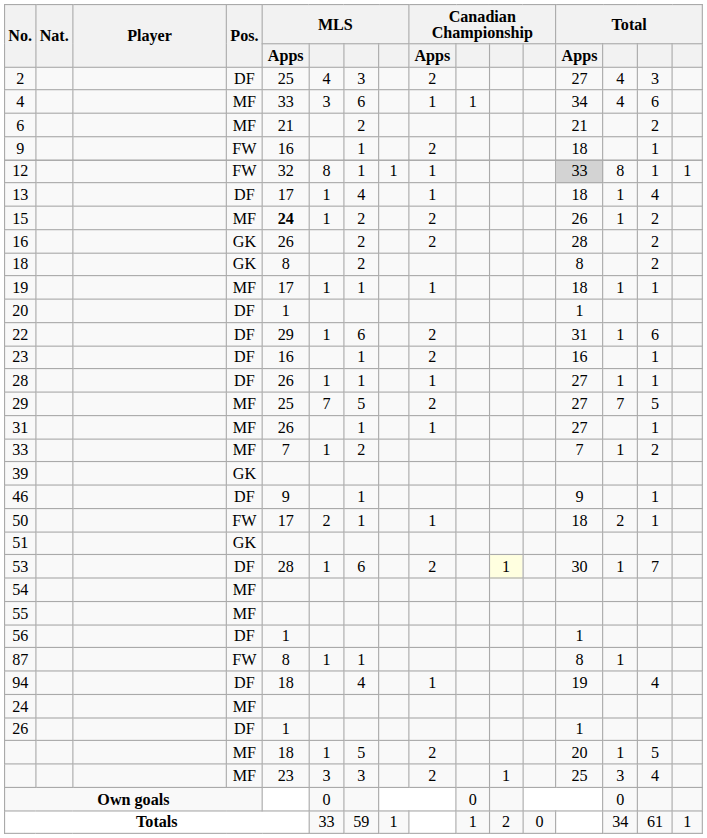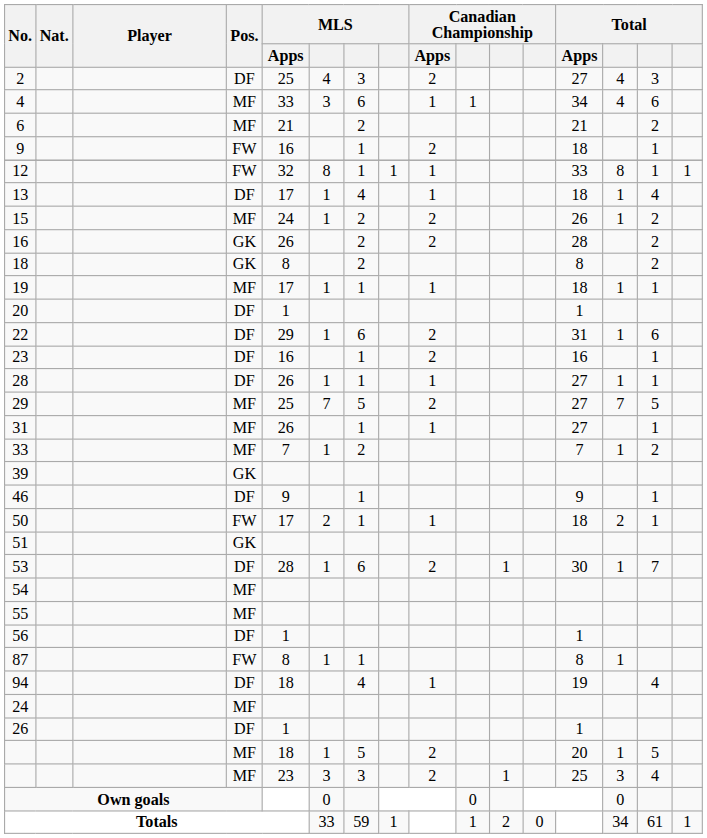 <table class="wikitable sortable alternance"  style="font-size:90%; text-align:center; line-height:14px; width:100%;">
 <tr>
 <th rowspan="2" style="width:10px;">No.</th>
 <th rowspan="2" style="width:10px;">Nat.</th>
 <th rowspan="2" scope="col" style="width:275px;">Player</th>
 <th rowspan="2" style="width:10px;">Pos.</th>
 <th colspan="4">MLS</th>
 <th colspan="4">Canadian Championship</th>
 <th colspan="4">Total</th>
 </tr>
 <tr style="text-align:center;">
 <th width=40>Apps</th>
 <th width=40></th>
 <th width=40></th>
 <th width=40></th>
 <th width=40>Apps</th>
 <th width=40></th>
 <th width=40></th>
 <th width=40></th>
 <th width=40>Apps</th>
 <th width=40></th>
 <th width=40></th>
 <th width=40></th>
 </tr>
 <tr>
 <td>2</td>
 <td></td>
 <td></td>
 <td>DF</td>
 <td>25</td>
 <td>4</td>
 <td>3</td>
 <td></td>
 <td>2</td>
 <td></td>
 <td></td>
 <td></td>
 <td>27</td>
 <td>4</td>
 <td>3</td>
 <td></td>
 </tr>
 <tr>
 <td>4</td>
 <td></td>
 <td></td>
 <td>MF</td>
 <td>33</td>
 <td>3</td>
 <td>6</td>
 <td></td>
 <td>1</td>
 <td>1</td>
 <td></td>
 <td></td>
 <td>34</td>
 <td>4</td>
 <td>6</td>
 <td></td>
 </tr>
 <tr>
 <td>6</td>
 <td></td>
 <td></td>
 <td>MF</td>
 <td>21</td>
 <td></td>
 <td>2</td>
 <td></td>
 <td></td>
 <td></td>
 <td></td>
 <td></td>
 <td>21</td>
 <td></td>
 <td>2</td>
 <td></td>
 </tr>
 <tr>
 <td>9</td>
 <td></td>
 <td></td>
 <td>FW</td>
 <td>16</td>
 <td></td>
 <td>1</td>
 <td></td>
 <td>2</td>
 <td></td>
 <td></td>
 <td></td>
 <td>18</td>
 <td></td>
 <td>1</td>
 <td></td>
 </tr>
 <tr>
 </tr>
 <tr>
 <td>12</td>
 <td></td>
 <td></td>
 <td>FW</td>
 <td>32</td>
 <td>8</td>
 <td>1</td>
 <td>1</td>
 <td>1</td>
 <td></td>
 <td></td>
 <td></td>
-<td style="background: lightgrey;">33</td>
+<td>33</td>
 <td>8</td>
 <td>1</td>
 <td>1</td>
 </tr>
 <tr>
 <td>13</td>
 <td></td>
 <td></td>
 <td>DF</td>
 <td>17</td>
 <td>1</td>
 <td>4</td>
 <td></td>
 <td>1</td>
 <td></td>
 <td></td>
 <td></td>
 <td>18</td>
 <td>1</td>
 <td>4</td>
 <td></td>
 </tr>
 <tr>
 <td>15</td>
 <td></td>
 <td></td>
 <td>MF</td>
-<td><strong>24</strong></td>
+<td>24</td>
 <td>1</td>
 <td>2</td>
 <td></td>
 <td>2</td>
 <td></td>
 <td></td>
 <td></td>
 <td>26</td>
 <td>1</td>
 <td>2</td>
 <td></td>
 </tr>
 <tr>
 <td>16</td>
 <td></td>
 <td></td>
 <td>GK</td>
 <td>26</td>
 <td></td>
 <td>2</td>
 <td></td>
 <td>2</td>
 <td></td>
 <td></td>
 <td></td>
 <td>28</td>
 <td></td>
 <td>2</td>
 <td></td>
 </tr>
 <tr>
 <td>18</td>
 <td></td>
 <td></td>
 <td>GK</td>
 <td>8</td>
 <td></td>
 <td>2</td>
 <td></td>
 <td></td>
 <td></td>
 <td></td>
 <td></td>
 <td>8</td>
 <td></td>
 <td>2</td>
 <td></td>
 </tr>
 <tr>
 <td>19</td>
 <td></td>
 <td></td>
 <td>MF</td>
 <td>17</td>
 <td>1</td>
 <td>1</td>
 <td></td>
 <td>1</td>
 <td></td>
 <td></td>
 <td></td>
 <td>18</td>
 <td>1</td>
 <td>1</td>
 <td></td>
 </tr>
 <tr>
 <td>20</td>
 <td></td>
 <td></td>
 <td>DF</td>
 <td>1</td>
 <td></td>
 <td></td>
 <td></td>
 <td></td>
 <td></td>
 <td></td>
 <td></td>
 <td>1</td>
 <td></td>
 <td></td>
 <td></td>
 </tr>
 <tr>
 <td>22</td>
 <td></td>
 <td></td>
 <td>DF</td>
 <td>29</td>
 <td>1</td>
 <td>6</td>
 <td></td>
 <td>2</td>
 <td></td>
 <td></td>
 <td></td>
 <td>31</td>
 <td>1</td>
 <td>6</td>
 <td></td>
 </tr>
 <tr>
 <td>23</td>
 <td></td>
 <td></td>
 <td>DF</td>
 <td>16</td>
 <td></td>
 <td>1</td>
 <td></td>
 <td>2</td>
 <td></td>
 <td></td>
 <td></td>
 <td>16</td>
 <td></td>
 <td>1</td>
 <td></td>
 </tr>
 <tr>
 <td>28</td>
 <td></td>
 <td></td>
 <td>DF</td>
 <td>26</td>
 <td>1</td>
 <td>1</td>
 <td></td>
 <td>1</td>
 <td></td>
 <td></td>
 <td></td>
 <td>27</td>
 <td>1</td>
 <td>1</td>
 <td></td>
 </tr>
 <tr>
 <td>29</td>
 <td></td>
 <td></td>
 <td>MF</td>
 <td>25</td>
 <td>7</td>
 <td>5</td>
 <td></td>
 <td>2</td>
 <td></td>
 <td></td>
 <td></td>
 <td>27</td>
 <td>7</td>
 <td>5</td>
 <td></td>
 </tr>
 <tr>
 <td>31</td>
 <td></td>
 <td></td>
 <td>MF</td>
 <td>26</td>
 <td></td>
 <td>1</td>
 <td></td>
 <td>1</td>
 <td></td>
 <td></td>
 <td></td>
 <td>27</td>
 <td></td>
 <td>1</td>
 <td></td>
 </tr>
 <tr>
 <td>33</td>
 <td></td>
 <td></td>
 <td>MF</td>
 <td>7</td>
 <td>1</td>
 <td>2</td>
 <td></td>
 <td></td>
 <td></td>
 <td></td>
 <td></td>
 <td>7</td>
 <td>1</td>
 <td>2</td>
 <td></td>
 </tr>
 <tr>
 <td>39</td>
 <td></td>
 <td></td>
 <td>GK</td>
 <td></td>
 <td></td>
 <td></td>
 <td></td>
 <td></td>
 <td></td>
 <td></td>
 <td></td>
 <td></td>
 <td></td>
 <td></td>
 <td></td>
 </tr>
 <tr>
 <td>46</td>
 <td></td>
 <td></td>
 <td>DF</td>
 <td>9</td>
 <td></td>
 <td>1</td>
 <td></td>
 <td></td>
 <td></td>
 <td></td>
 <td></td>
 <td>9</td>
 <td></td>
 <td>1</td>
 <td></td>
 </tr>
 <tr>
 <td>50</td>
 <td></td>
 <td></td>
 <td>FW</td>
 <td>17</td>
 <td>2</td>
 <td>1</td>
 <td></td>
 <td>1</td>
 <td></td>
 <td></td>
 <td></td>
 <td>18</td>
 <td>2</td>
 <td>1</td>
 <td></td>
 </tr>
 <tr>
 <td>51</td>
 <td></td>
 <td></td>
 <td>GK</td>
 <td></td>
 <td></td>
 <td></td>
 <td></td>
 <td></td>
 <td></td>
 <td></td>
 <td></td>
 <td></td>
 <td></td>
 <td></td>
 <td></td>
 </tr>
 <tr>
 <td>53</td>
 <td></td>
 <td></td>
 <td>DF</td>
 <td>28</td>
 <td>1</td>
 <td>6</td>
 <td></td>
 <td>2</td>
 <td></td>
-<td style="background: lightyellow;">1</td>
+<td>1</td>
 <td></td>
 <td>30</td>
 <td>1</td>
 <td>7</td>
 <td></td>
 </tr>
 <tr>
 <td>54</td>
 <td></td>
 <td></td>
 <td>MF</td>
 <td></td>
 <td></td>
 <td></td>
 <td></td>
 <td></td>
 <td></td>
 <td></td>
 <td></td>
 <td></td>
 <td></td>
 <td></td>
 <td></td>
 </tr>
 <tr>
 <td>55</td>
 <td></td>
 <td></td>
 <td>MF</td>
 <td></td>
 <td></td>
 <td></td>
 <td></td>
 <td></td>
 <td></td>
 <td></td>
 <td></td>
 <td></td>
 <td></td>
 <td></td>
 <td></td>
 </tr>
 <tr>
 <td>56</td>
 <td></td>
 <td></td>
 <td>DF</td>
 <td>1</td>
 <td></td>
 <td></td>
 <td></td>
 <td></td>
 <td></td>
 <td></td>
 <td></td>
 <td>1</td>
 <td></td>
 <td></td>
 <td></td>
 </tr>
 <tr>
 <td>87</td>
 <td></td>
 <td></td>
 <td>FW</td>
 <td>8</td>
 <td>1</td>
 <td>1</td>
 <td></td>
 <td></td>
 <td></td>
 <td></td>
 <td></td>
 <td>8</td>
 <td>1</td>
 <td></td>
 <td></td>
 </tr>
 <tr>
 <td>94</td>
 <td></td>
 <td></td>
 <td>DF</td>
 <td>18</td>
 <td></td>
 <td>4</td>
 <td></td>
 <td>1</td>
 <td></td>
 <td></td>
 <td></td>
 <td>19</td>
 <td></td>
 <td>4</td>
 <td></td>
 </tr>
 <tr>
 <td>24</td>
 <td></td>
 <td></td>
 <td>MF</td>
 <td></td>
 <td></td>
 <td></td>
 <td></td>
 <td></td>
 <td></td>
 <td></td>
 <td></td>
 <td></td>
 <td></td>
 <td></td>
 <td></td>
 </tr>
 <tr>
 <td>26</td>
 <td></td>
 <td></td>
 <td>DF</td>
 <td>1</td>
 <td></td>
 <td></td>
 <td></td>
 <td></td>
 <td></td>
 <td></td>
 <td></td>
 <td>1</td>
 <td></td>
 <td></td>
 <td></td>
 </tr>
 <tr>
 <td></td>
 <td></td>
 <td></td>
 <td>MF</td>
 <td>18</td>
 <td>1</td>
 <td>5</td>
 <td></td>
 <td>2</td>
 <td></td>
 <td></td>
 <td></td>
 <td>20</td>
 <td>1</td>
 <td>5</td>
 <td></td>
 </tr>
 <tr>
 <td></td>
 <td></td>
 <td></td>
 <td>MF</td>
 <td>23</td>
 <td>3</td>
 <td>3</td>
 <td></td>
 <td>2</td>
 <td></td>
 <td>1</td>
 <td></td>
 <td>25</td>
 <td>3</td>
 <td>4</td>
 <td></td>
 </tr>
 <tr class="sortbottom">
 <td colspan="4"><strong>Own goals</strong></td>
 <td ! style="background:white; text-align: center;"></td>
 <td>0</td>
 <td></td>
 <td ! colspan="2" style="background:white; text-align: center;"></td>
 <td>0</td>
 <td></td>
 <td ! colspan="2" style="background:white; text-align: center;"></td>
 <td>0</td>
 <td></td>
 </tr>
 <tr class="sortbottom">
 <td colspan="5"  style="background:white; text-align: center;"><strong>Totals</strong></td>
 <td>33</td>
 <td>59</td>
 <td>1</td>
 <td ! rowspan="2" style="background:white; text-align: center;"></td>
 <td>1</td>
 <td>2</td>
 <td>0</td>
 <td ! rowspan="2" style="background:white; text-align: center;"></td>
 <td>34</td>
 <td>61</td>
 <td>1</td>
 </tr>
 </table>
